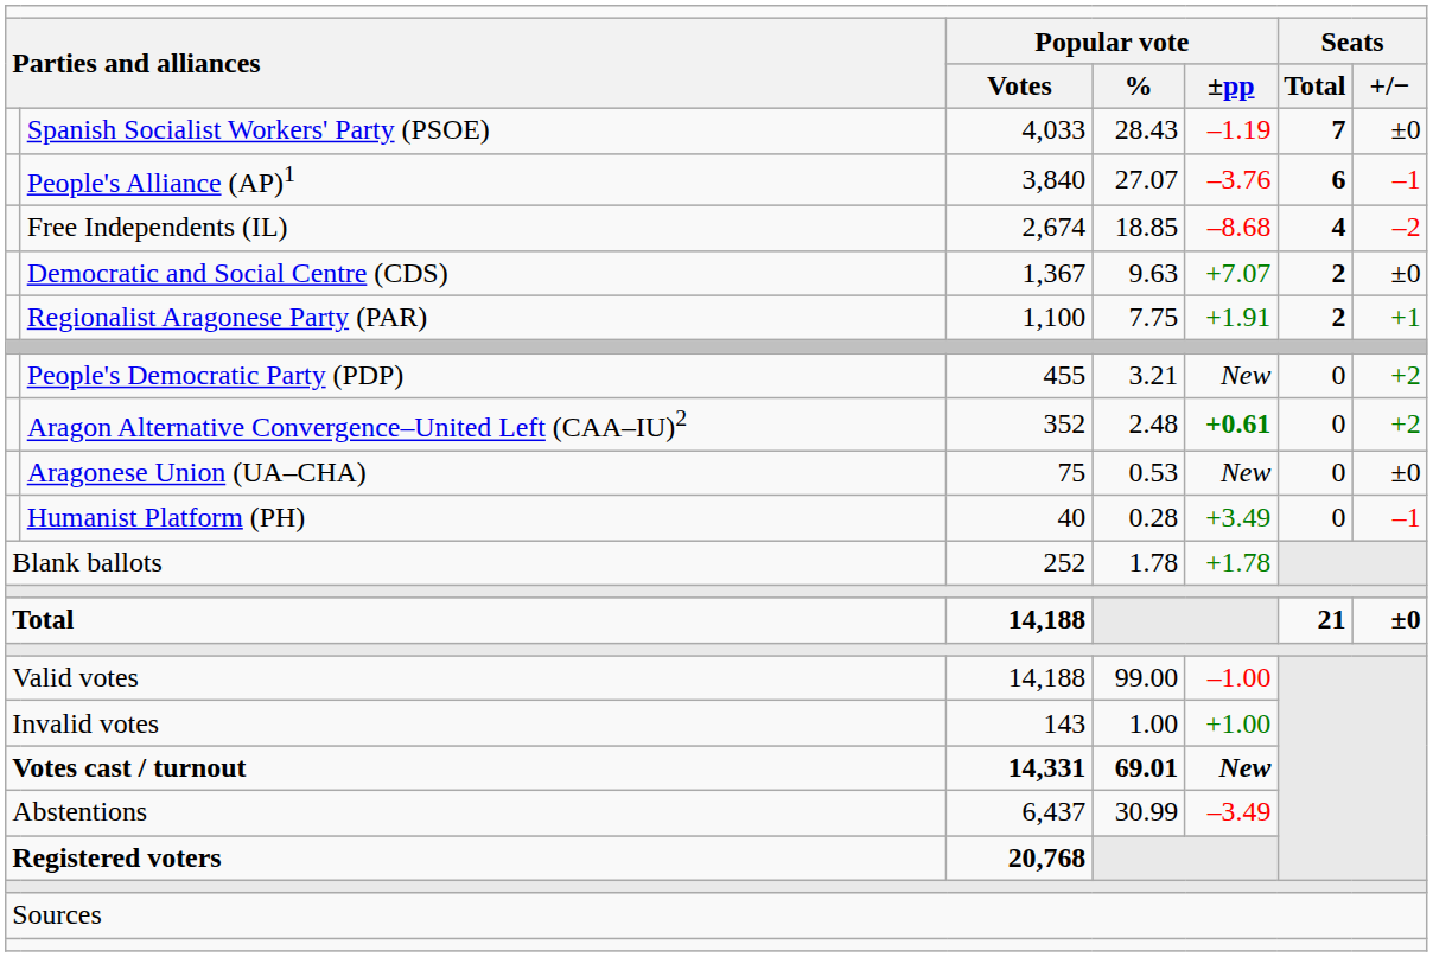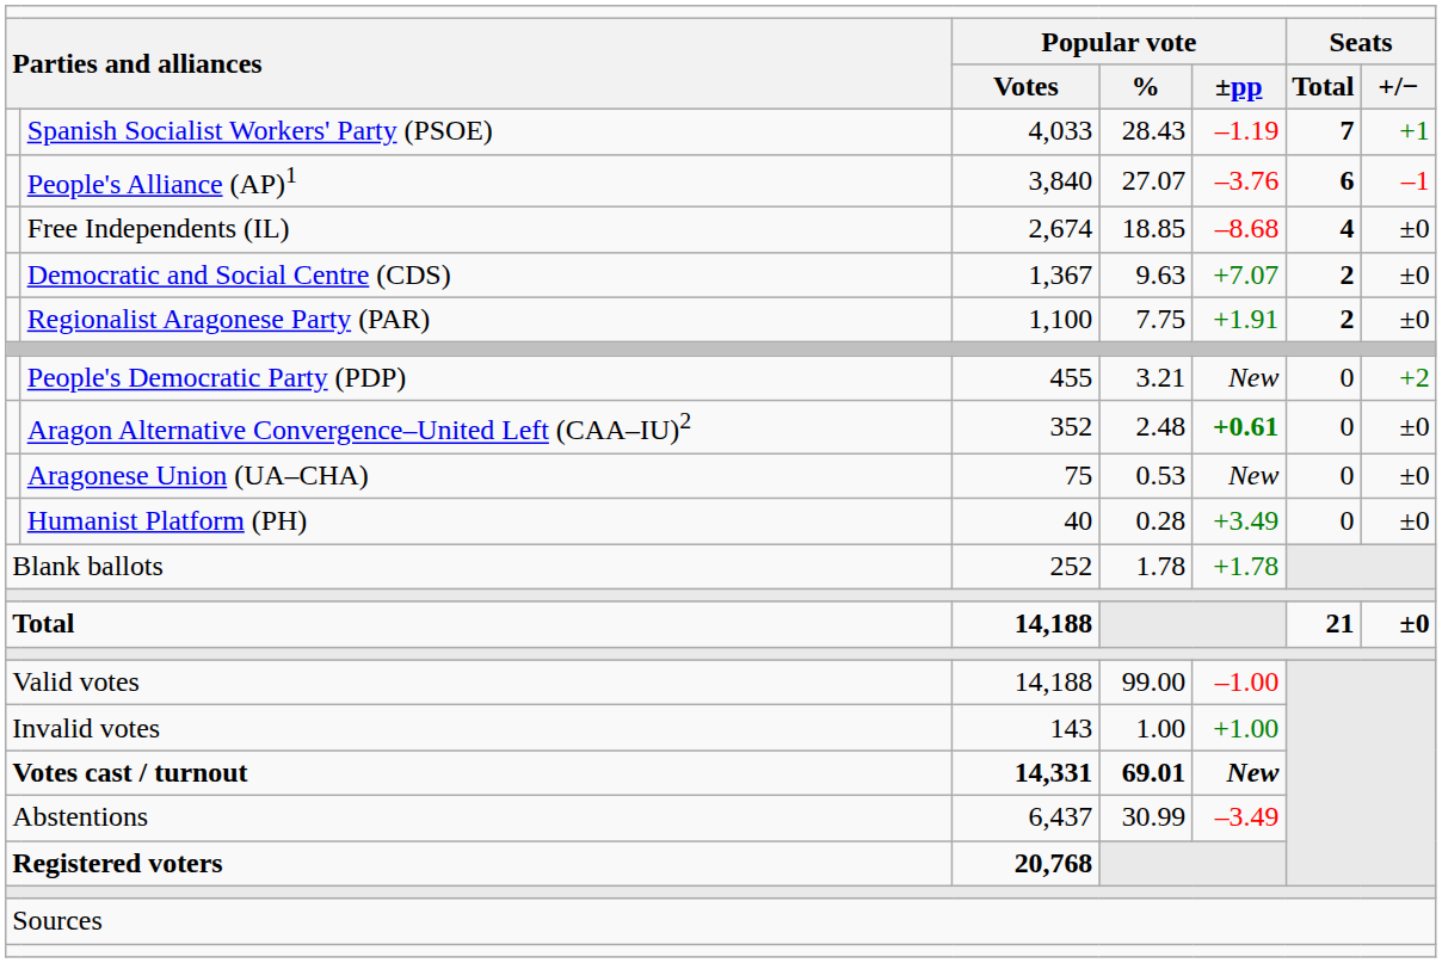 <table class="wikitable" style="text-align:right;">
 <tr>
 <td colspan="7"></td>
 </tr>
 <tr>
 <th style="text-align:left;" rowspan="2" colspan="2" width="525">Parties and alliances</th>
 <th colspan="3">Popular vote</th>
 <th colspan="2">Seats</th>
 </tr>
 <tr>
 <th width="75">Votes</th>
 <th width="45">%</th>
 <th width="45">±<a href='#'>pp</a></th>
 <th width="35">Total</th>
 <th width="35">+/−</th>
 </tr>
 <tr>
 <td width="1" style="color:inherit;background:"></td>
 <td align="left"><a href='#'>Spanish Socialist Workers' Party</a> (PSOE)</td>
 <td>4,033</td>
 <td>28.43</td>
 <td style="color:red;">–1.19</td>
 <td><strong>7</strong></td>
-<td>±0</td>
+<td style="color:green;">+1</td>
 </tr>
 <tr>
 <td style="color:inherit;background:"></td>
 <td align="left"><a href='#'>People's Alliance</a> (AP)<sup>1</sup></td>
 <td>3,840</td>
 <td>27.07</td>
 <td style="color:red;">–3.76</td>
 <td><strong>6</strong></td>
 <td style="color:red;">–1</td>
 </tr>
 <tr>
 <td style="color:inherit;background:"></td>
 <td align="left">Free Independents (IL)</td>
 <td>2,674</td>
 <td>18.85</td>
 <td style="color:red;">–8.68</td>
 <td><strong>4</strong></td>
-<td style="color:red;">–2</td>
+<td>±0</td>
 </tr>
 <tr>
 <td style="color:inherit;background:"></td>
 <td align="left"><a href='#'>Democratic and Social Centre</a> (CDS)</td>
 <td>1,367</td>
 <td>9.63</td>
 <td style="color:green;">+7.07</td>
 <td><strong>2</strong></td>
 <td>±0</td>
 </tr>
 <tr>
 <td style="color:inherit;background:"></td>
 <td align="left"><a href='#'>Regionalist Aragonese Party</a> (PAR)</td>
 <td>1,100</td>
 <td>7.75</td>
 <td style="color:green;">+1.91</td>
 <td><strong>2</strong></td>
-<td style="color:green;">+1</td>
+<td>±0</td>
 </tr>
 <tr>
 <td colspan="7" bgcolor="#C0C0C0"></td>
 </tr>
 <tr>
 <td style="color:inherit;background:"></td>
 <td align="left"><a href='#'>People's Democratic Party</a> (PDP)</td>
 <td>455</td>
 <td>3.21</td>
 <td><em>New</em></td>
 <td>0</td>
 <td style="color:green;">+2</td>
 </tr>
 <tr>
 <td style="color:inherit;background:"></td>
 <td align="left"><a href='#'>Aragon Alternative Convergence–United Left</a> (CAA–IU)<sup>2</sup></td>
 <td>352</td>
 <td>2.48</td>
 <td style="color:green;"><strong>+0.61</strong></td>
 <td>0</td>
-<td style="color:green;">+2</td>
+<td>±0</td>
 </tr>
 <tr>
 <td style="color:inherit;background:"></td>
 <td align="left"><a href='#'>Aragonese Union</a> (UA–CHA)</td>
 <td>75</td>
 <td>0.53</td>
 <td><em>New</em></td>
 <td>0</td>
 <td>±0</td>
 </tr>
 <tr>
 <td style="color:inherit;background:"></td>
 <td align="left"><a href='#'>Humanist Platform</a> (PH)</td>
 <td>40</td>
 <td>0.28</td>
 <td style="color:green;">+3.49</td>
 <td>0</td>
-<td style="color:red;">–1</td>
+<td>±0</td>
 </tr>
 <tr>
 <td align="left" colspan="2">Blank ballots</td>
 <td>252</td>
 <td>1.78</td>
 <td style="color:green;">+1.78</td>
 <td bgcolor="#E9E9E9" colspan="2"></td>
 </tr>
 <tr>
 <td colspan="7" bgcolor="#E9E9E9"></td>
 </tr>
 <tr style="font-weight:bold;">
 <td align="left" colspan="2">Total</td>
 <td>14,188</td>
 <td bgcolor="#E9E9E9" colspan="2"></td>
 <td>21</td>
 <td>±0</td>
 </tr>
 <tr>
 <td colspan="7" bgcolor="#E9E9E9"></td>
 </tr>
 <tr>
 <td align="left" colspan="2">Valid votes</td>
 <td>14,188</td>
 <td>99.00</td>
 <td style="color:red;">–1.00</td>
 <td bgcolor="#E9E9E9" colspan="2" rowspan="5"></td>
 </tr>
 <tr>
 <td align="left" colspan="2">Invalid votes</td>
 <td>143</td>
 <td>1.00</td>
 <td style="color:green;">+1.00</td>
 </tr>
 <tr style="font-weight:bold;">
 <td align="left" colspan="2">Votes cast / turnout</td>
 <td>14,331</td>
 <td>69.01</td>
 <td><em>New</em></td>
 </tr>
 <tr>
 <td align="left" colspan="2">Abstentions</td>
 <td>6,437</td>
 <td>30.99</td>
 <td style="color:red;">–3.49</td>
 </tr>
 <tr style="font-weight:bold;">
 <td align="left" colspan="2">Registered voters</td>
 <td>20,768</td>
 <td bgcolor="#E9E9E9" colspan="2"></td>
 </tr>
 <tr>
 <td colspan="7" bgcolor="#E9E9E9"></td>
 </tr>
 <tr>
 <td align="left" colspan="7">Sources</td>
 </tr>
 <tr>
 <td colspan="7" style="text-align:left; max-width:790px;"></td>
 </tr>
 </table>
